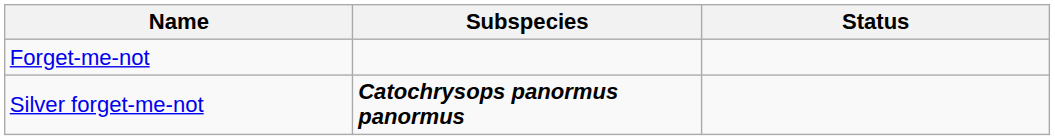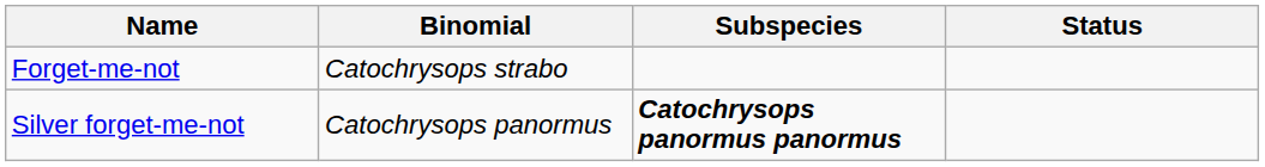 <table width=60% class="wikitable">
 <tr>
 <th width=20%>Name</th>
+<th width=20%>Binomial</th>
 <th width=20%>Subspecies</th>
 <th width=20%>Status</th>
 </tr>
 <tr>
 <td><a href='#'>Forget-me-not</a><br>  </td>
+<td><em>Catochrysops strabo</em></td>
 <td></td>
 <td></td>
 </tr>
 <tr>
 <td><a href='#'>Silver forget-me-not</a><br> </td>
+<td><em>Catochrysops panormus</em></td>
 <td><strong><em>Catochrysops panormus panormus</em></strong></td>
 <td></td>
 </tr>
 </table>
